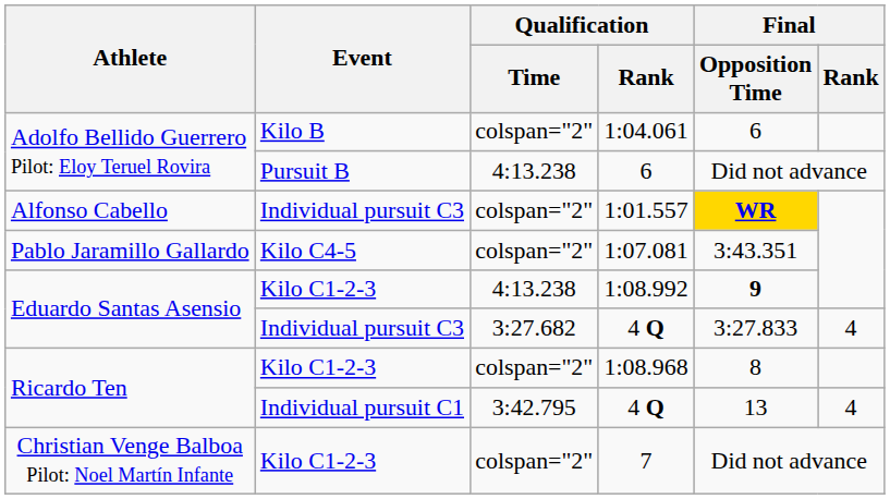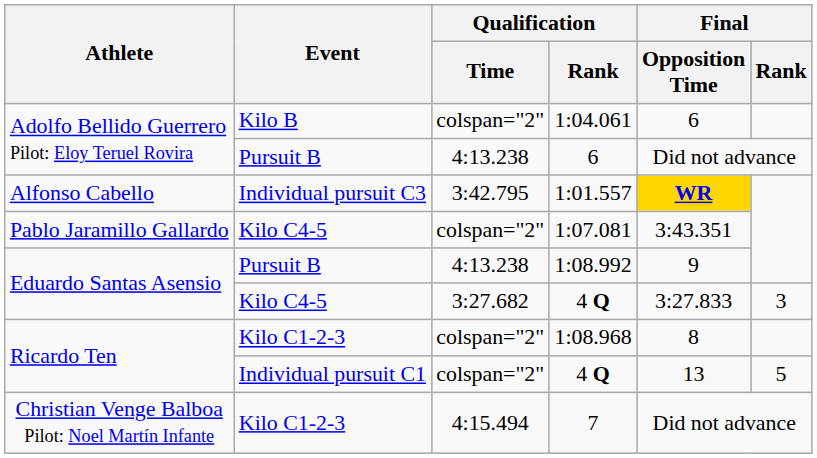 <table class=wikitable style="font-size:90%">
 <tr>
 <th rowspan="2">Athlete</th>
 <th rowspan="2">Event</th>
 <th colspan="2">Qualification</th>
 <th colspan="2">Final</th>
 </tr>
 <tr>
 <th>Time</th>
 <th>Rank</th>
 <th>Opposition<br>Time</th>
 <th>Rank</th>
 </tr>
 <tr align=center>
 <td align=left rowspan=2><a href='#'>Adolfo Bellido Guerrero</a><br><small>Pilot: <a href='#'>Eloy Teruel Rovira</a></small></td>
 <td align=left><a href='#'>Kilo B</a></td>
 <td>colspan="2" </td>
 <td>1:04.061</td>
 <td>6</td>
 </tr>
 <tr align=center>
 <td align=left><a href='#'>Pursuit B</a></td>
 <td>4:13.238</td>
 <td>6</td>
 <td colspan="2">Did not advance</td>
 </tr>
 <tr align=center>
 <td align=left><a href='#'>Alfonso Cabello</a></td>
 <td align=left><a href='#'>Individual pursuit C3</a></td>
-<td>colspan="2" </td>
+<td>3:42.795</td>
 <td>1:01.557</td>
 <td style="background: gold;"> <strong><a href='#'>WR</a></strong></td>
 </tr>
 <tr align=center>
 <td align=left><a href='#'>Pablo Jaramillo Gallardo</a></td>
 <td align=left><a href='#'>Kilo C4-5</a></td>
 <td>colspan="2" </td>
 <td>1:07.081</td>
 <td>3:43.351</td>
 </tr>
 <tr align=center>
 <td align=left rowspan=2><a href='#'>Eduardo Santas Asensio</a></td>
-<td align=left><a href='#'>Kilo C1-2-3</a></td>
+<td align="left"><a href='#'>Pursuit B</a></td>
 <td>4:13.238</td>
 <td>1:08.992</td>
-<td><strong>9</strong></td>
+<td>9</td>
 </tr>
 <tr align=center>
-<td align=left><a href='#'>Individual pursuit C3</a></td>
+<td align=left><a href='#'>Kilo C4-5</a></td>
 <td>3:27.682</td>
 <td>4 <strong>Q</strong></td>
 <td>3:27.833</td>
-<td>4</td>
+<td>3</td>
 </tr>
 <tr align=center>
 <td align=left rowspan=2><a href='#'>Ricardo Ten</a></td>
 <td align=left><a href='#'>Kilo C1-2-3</a></td>
 <td>colspan="2" </td>
 <td>1:08.968</td>
 <td>8</td>
 </tr>
 <tr align=center>
 <td align=left><a href='#'>Individual pursuit C1</a></td>
-<td>3:42.795</td>
+<td>colspan="2" </td>
 <td>4 <strong>Q</strong></td>
 <td>13</td>
-<td>4</td>
+<td>5</td>
 </tr>
 <tr align="center">
 <td><a href='#'>Christian Venge Balboa</a><br><small>Pilot: <a href='#'>Noel Martín Infante</a></small></td>
 <td align=left><a href='#'>Kilo C1-2-3</a></td>
-<td>colspan="2" </td>
+<td>4:15.494</td>
 <td>7</td>
 <td colspan="2">Did not advance</td>
 </tr>
 </table>
